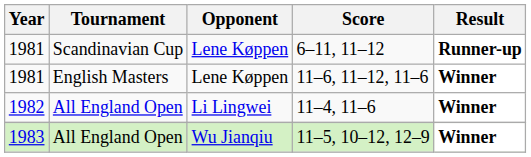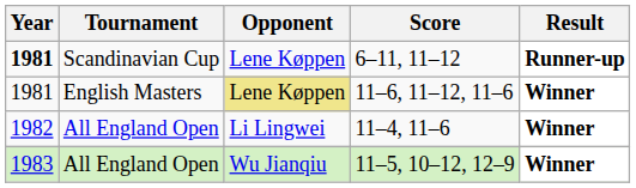 <table class="sortable wikitable" style="font-size: 90%;">
 <tr>
 <th>Year</th>
 <th>Tournament</th>
 <th>Opponent</th>
 <th>Score</th>
 <th>Result</th>
 </tr>
 <tr>
-<td align="center">1981</td>
+<td align="center"><strong>1981</strong></td>
 <td align="left">Scandinavian Cup</td>
 <td align="left"> <a href='#'>Lene Køppen</a></td>
 <td align="left">6–11, 11–12</td>
 <td style="text-align:left; background:white"> <strong>Runner-up</strong></td>
 </tr>
 <tr>
 <td align="center">1981</td>
 <td align="left">English Masters</td>
-<td align="left"> Lene Køppen</td>
+<td align="left" style="background: khaki;"> Lene Køppen</td>
 <td align="left">11–6, 11–12, 11–6</td>
 <td style="text-align:left; background:white"> <strong>Winner</strong></td>
 </tr>
 <tr>
 <td align="center"><a href='#'>1982</a></td>
 <td align="left"><a href='#'>All England Open</a></td>
 <td align="left"> <a href='#'>Li Lingwei</a></td>
 <td align="left">11–4, 11–6</td>
 <td style="text-align:left; background:white"> <strong>Winner</strong></td>
 </tr>
 <tr>
 </tr>
 <tr style="background:#D4F1C5">
 <td align="center"><a href='#'>1983</a></td>
 <td align="left">All England Open</td>
 <td align="left"> <a href='#'>Wu Jianqiu</a></td>
 <td align="left">11–5, 10–12, 12–9</td>
 <td style="text-align:left; background:white"> <strong>Winner</strong></td>
 </tr>
 </table>
